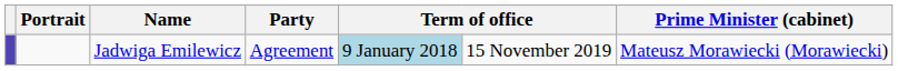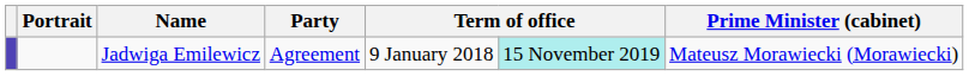 <table class="wikitable">
 <tr>
 <th></th>
 <th>Portrait</th>
 <th>Name</th>
 <th>Party</th>
 <th colspan="2">Term of office</th>
 <th><a href='#'>Prime Minister</a> (cabinet)</th>
 </tr>
 <tr>
 <th style="width:2px;background:#4F42B5;"></th>
 <td></td>
 <td><a href='#'>Jadwiga Emilewicz</a></td>
 <td><a href='#'>Agreement</a></td>
-<td style="background: lightblue;">9 January 2018</td>
-<td>15 November 2019</td>
+<td>9 January 2018</td>
+<td style="background: paleturquoise;">15 November 2019</td>
 <td><a href='#'>Mateusz Morawiecki</a> <a href='#'>(Morawiecki</a>)</td>
 </tr>
 </table>
